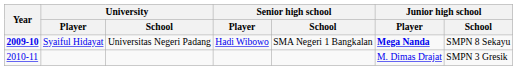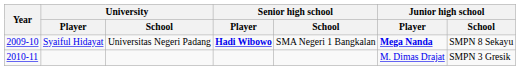 <table class="wikitable">
 <tr>
 <th rowspan=2>Year</th>
 <th colspan=2>University</th>
 <th colspan=2>Senior high school</th>
 <th colspan=2>Junior high school</th>
 </tr>
 <tr>
 <th>Player</th>
 <th>School</th>
 <th>Player</th>
 <th>School</th>
 <th>Player</th>
 <th>School</th>
 </tr>
 <tr>
-<td><strong><a href='#'>2009-10</a></strong></td>
+<td><a href='#'>2009-10</a></td>
 <td><a href='#'>Syaiful Hidayat</a></td>
 <td>Universitas Negeri Padang</td>
-<td><a href='#'>Hadi Wibowo</a></td>
+<td><strong><a href='#'>Hadi Wibowo</a></strong></td>
 <td>SMA Negeri 1 Bangkalan</td>
 <td><strong><a href='#'>Mega Nanda</a></strong></td>
 <td>SMPN 8 Sekayu</td>
 </tr>
 <tr>
 <td><a href='#'>2010-11</a></td>
 <td></td>
 <td></td>
 <td></td>
 <td></td>
 <td><a href='#'>M. Dimas Drajat</a></td>
 <td>SMPN 3 Gresik</td>
 </tr>
 </table>
